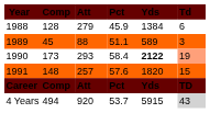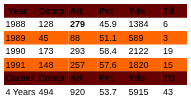 <table cellpadding="2" cellspacing="0" style="font-family:Arial, Helvetica, sans-serif; font-size: 12px">
 <tr bgcolor="#660000">
 <td width="40" nowrap="nowrap" bgcolor="#660000"><span><strong> Year</strong></span></td>
 <td width="38" nowrap="nowrap" bgcolor="#660000"><div><span><strong>Comp</strong></span></div></td>
 <td width="35" nowrap="nowrap" bgcolor="#660000"><div><span><strong>Att</strong></span></div></td>
 <td width="35" nowrap="nowrap" bgcolor="#660000"><div><span><strong>Pct</strong></span></div></td>
 <td width="42" nowrap="nowrap" bgcolor="#660000"><div><span><strong>Yds</strong></span></div></td>
 <td width="30" nowrap="nowrap" bgcolor="#660000"><div><span><strong>Td</strong></span></div></td>
 </tr>
 <tr>
 <td nowrap="nowrap">1988</td>
 <td nowrap="nowrap"><div>128</div></td>
-<td nowrap="nowrap"><div>279</div></td>
+<td nowrap="nowrap"><strong><div>279</div></strong></td>
 <td nowrap="nowrap"><div>45.9</div></td>
 <td nowrap="nowrap"><div>1384</div></td>
 <td nowrap="nowrap"><div>6</div></td>
 </tr>
 <tr>
 <td nowrap="nowrap" bgcolor="#ff6600">1989</td>
 <td nowrap="nowrap" bgcolor="#ff6600"><div>45</div></td>
 <td nowrap="nowrap" bgcolor="#ff6600"><div>88</div></td>
 <td nowrap="nowrap" bgcolor="#ff6600"><div>51.1</div></td>
 <td nowrap="nowrap" bgcolor="#ff6600"><div>589</div></td>
 <td nowrap="nowrap" bgcolor="#ff6600"><div>3</div></td>
 </tr>
 <tr>
 <td nowrap="nowrap">1990</td>
 <td nowrap="nowrap"><div>173</div></td>
 <td nowrap="nowrap"><div>293</div></td>
 <td nowrap="nowrap"><div>58.4</div></td>
-<td nowrap="nowrap"><strong><div>2122</div></strong></td>
-<td nowrap="nowrap" style="background: lightsalmon;"><div>19</div></td>
+<td nowrap="nowrap"><div>2122</div></td>
+<td nowrap="nowrap"><div>19</div></td>
 </tr>
 <tr>
 <td nowrap="nowrap" bgcolor="#ff6600">1991</td>
 <td nowrap="nowrap" bgcolor="#ff6600"><div>148</div></td>
 <td nowrap="nowrap" bgcolor="#ff6600"><div>257</div></td>
 <td nowrap="nowrap" bgcolor="#ff6600"><div>57.6</div></td>
 <td nowrap="nowrap" bgcolor="#ff6600"><div>1820</div></td>
 <td nowrap="nowrap" bgcolor="#ff6600"><div>15</div></td>
 </tr>
 <tr bgcolor="#660000" style="border-bottom:#000000 solid 1px">
 <td nowrap="nowrap" bgcolor="#660000"><span><strong>Career</strong></span></td>
 <td nowrap="nowrap" bgcolor="#660000"><div><span><strong>Comp</strong></span></div></td>
 <td nowrap="nowrap" bgcolor="#660000"><div><span><strong>Att</strong></span></div></td>
 <td nowrap="nowrap" bgcolor="#660000"><div><span><strong>Pct</strong></span></div></td>
 <td nowrap="nowrap" bgcolor="#660000"><div><span><strong>Yds</strong></span></div></td>
 <td nowrap="nowrap" bgcolor="#660000"><div><span><strong>TD</strong></span></div></td>
 </tr>
 <tr>
 <td nowrap="nowrap">4 Years</td>
 <td nowrap="nowrap"><div>494</div></td>
 <td nowrap="nowrap"><div>920</div></td>
 <td nowrap="nowrap"><div>53.7</div></td>
 <td nowrap="nowrap"><div>5915</div></td>
-<td nowrap="nowrap" style="background: lightgrey;"><div>43</div></td>
+<td nowrap="nowrap"><div>43</div></td>
 </tr>
 </table>
